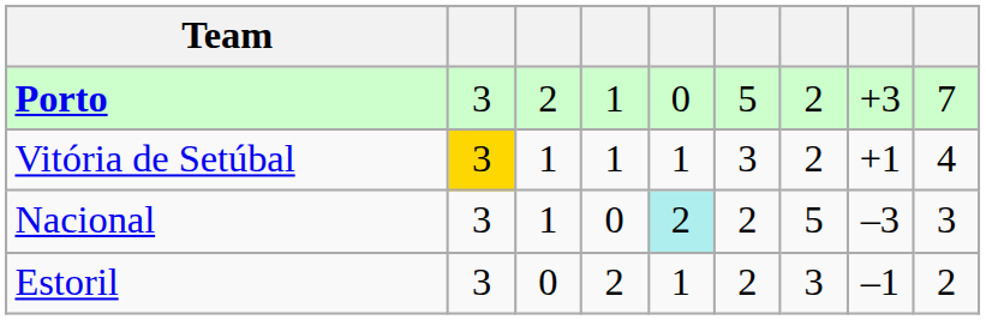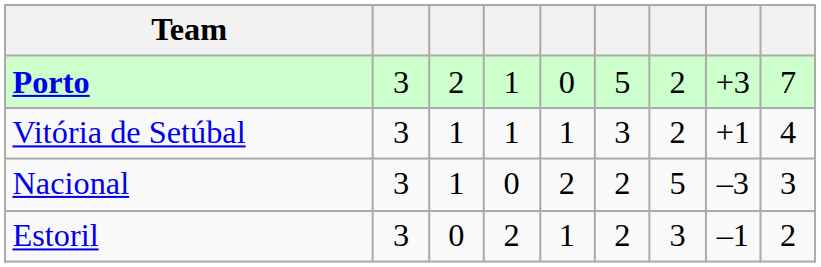 <table class="wikitable" style="text-align: center;">
 <tr>
 </tr>
 <tr>
 <th width=175>Team</th>
 <th width=20></th>
 <th width=20></th>
 <th width=20></th>
 <th width=20></th>
 <th width=20></th>
 <th width=20></th>
 <th width=20></th>
 <th width=20></th>
 </tr>
 <tr bgcolor=#ccffcc>
 <td align=left><strong><a href='#'>Porto</a></strong></td>
 <td>3</td>
 <td>2</td>
 <td>1</td>
 <td>0</td>
 <td>5</td>
 <td>2</td>
 <td>+3</td>
 <td>7</td>
 </tr>
 <tr>
 <td align=left><a href='#'>Vitória de Setúbal</a></td>
-<td style="background: gold;">3</td>
+<td>3</td>
 <td>1</td>
 <td>1</td>
 <td>1</td>
 <td>3</td>
 <td>2</td>
 <td>+1</td>
 <td>4</td>
 </tr>
 <tr>
 <td align=left><a href='#'>Nacional</a></td>
 <td>3</td>
 <td>1</td>
 <td>0</td>
-<td style="background: paleturquoise;">2</td>
+<td>2</td>
 <td>2</td>
 <td>5</td>
 <td>–3</td>
 <td>3</td>
 </tr>
 <tr>
 <td align=left><a href='#'>Estoril</a></td>
 <td>3</td>
 <td>0</td>
 <td>2</td>
 <td>1</td>
 <td>2</td>
 <td>3</td>
 <td>–1</td>
 <td>2</td>
 </tr>
 </table>
